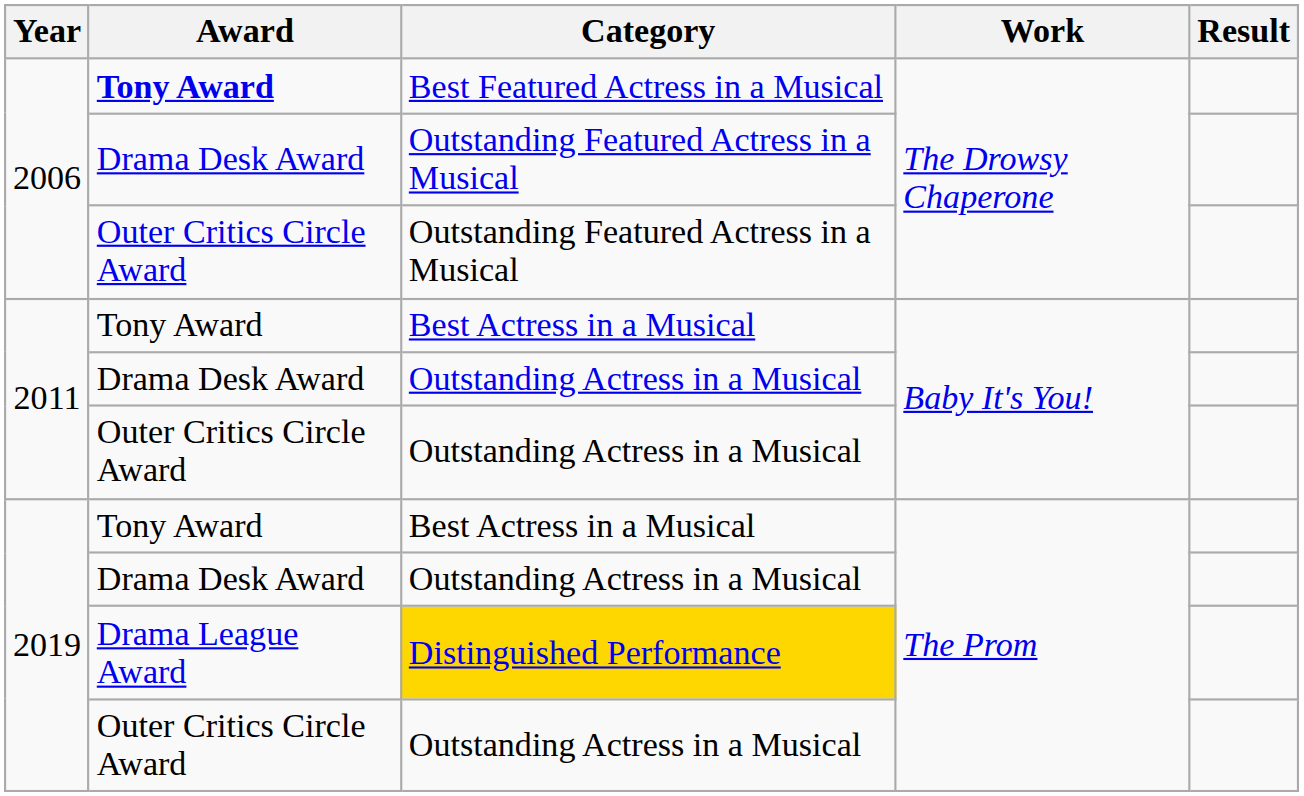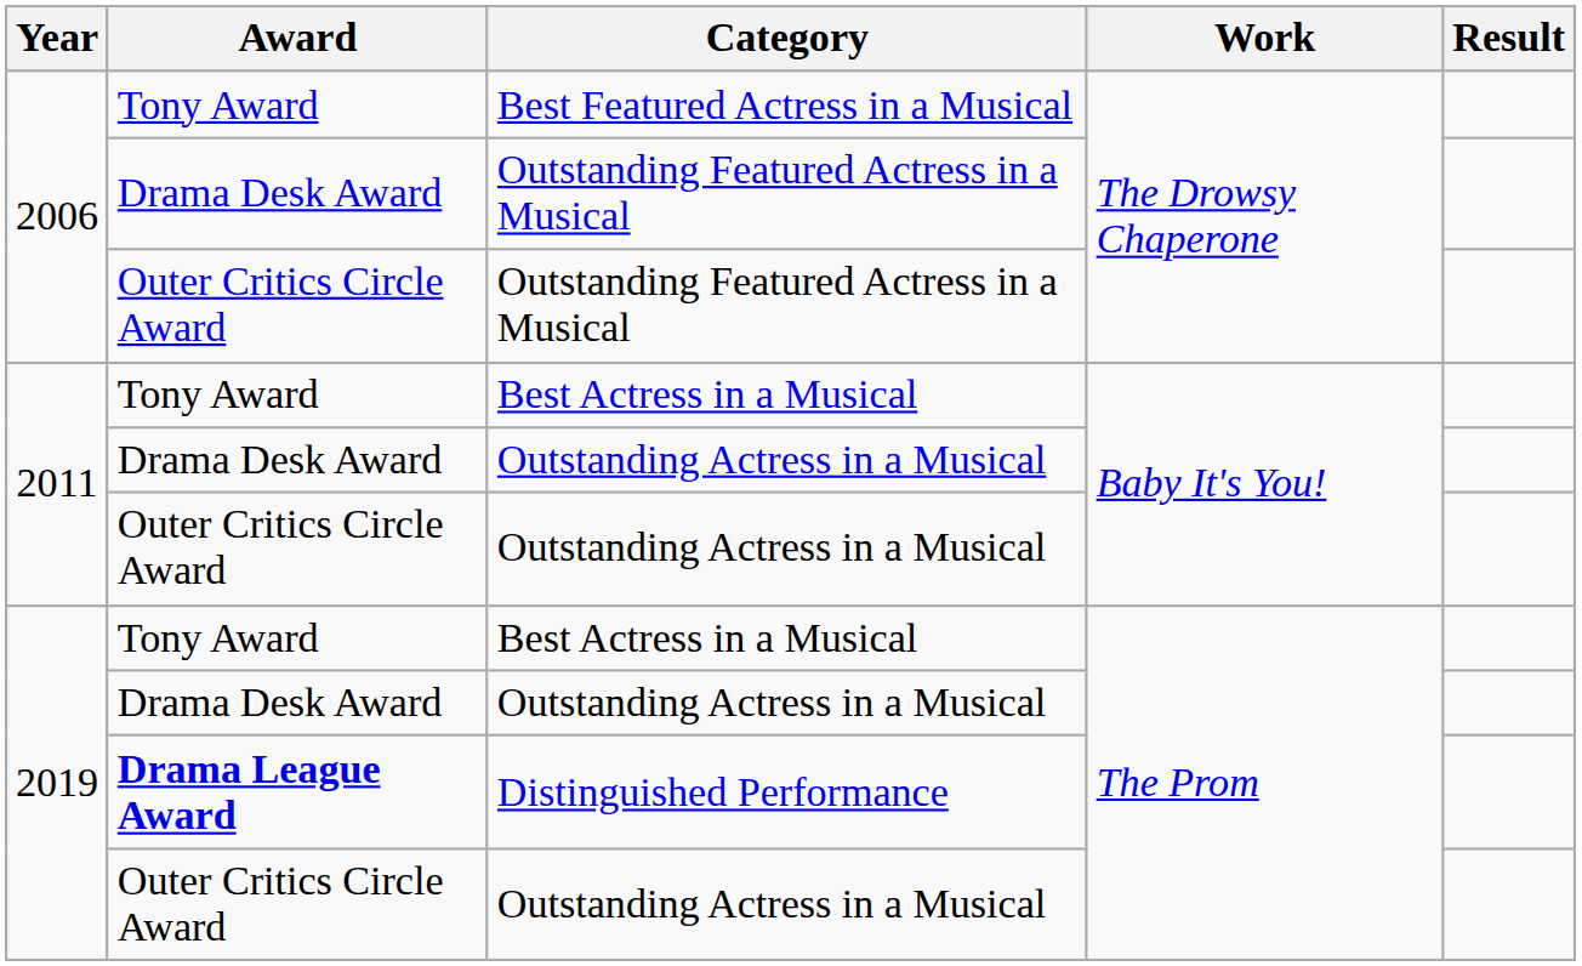 <table class="wikitable sortable">
 <tr>
 <th scope=col>Year</th>
 <th scope=col>Award</th>
 <th scope=col>Category</th>
 <th scope=col>Work</th>
 <th scope=col>Result</th>
 </tr>
 <tr>
 <td rowspan="3" align="center">2006</td>
-<td><strong><a href='#'>Tony Award</a></strong></td>
+<td><a href='#'>Tony Award</a></td>
 <td><a href='#'>Best Featured Actress in a Musical</a></td>
 <td rowspan="3"><em><a href='#'>The Drowsy Chaperone</a></em></td>
 <td></td>
 </tr>
 <tr>
 <td><a href='#'>Drama Desk Award</a></td>
 <td><a href='#'>Outstanding Featured Actress in a Musical</a></td>
 <td></td>
 </tr>
 <tr>
 <td><a href='#'>Outer Critics Circle Award</a></td>
 <td>Outstanding Featured Actress in a Musical</td>
 <td></td>
 </tr>
 <tr>
 <td rowspan="3" align="center">2011</td>
 <td>Tony Award</td>
 <td><a href='#'>Best Actress in a Musical</a></td>
 <td rowspan="3"><em><a href='#'>Baby It's You!</a></em></td>
 <td></td>
 </tr>
 <tr>
 <td>Drama Desk Award</td>
 <td><a href='#'>Outstanding Actress in a Musical</a></td>
 <td></td>
 </tr>
 <tr>
 <td>Outer Critics Circle Award</td>
 <td>Outstanding Actress in a Musical</td>
 <td></td>
 </tr>
 <tr>
 <td rowspan="4" align="center">2019</td>
 <td>Tony Award</td>
 <td>Best Actress in a Musical</td>
 <td rowspan="4"><em><a href='#'>The Prom</a></em></td>
 <td></td>
 </tr>
 <tr>
 <td>Drama Desk Award</td>
 <td>Outstanding Actress in a Musical</td>
 <td></td>
 </tr>
 <tr>
-<td><a href='#'>Drama League Award</a></td>
-<td style="background: gold;"><a href='#'>Distinguished Performance</a></td>
+<td><strong><a href='#'>Drama League Award</a></strong></td>
+<td><a href='#'>Distinguished Performance</a></td>
 <td></td>
 </tr>
 <tr>
 <td>Outer Critics Circle Award</td>
 <td>Outstanding Actress in a Musical</td>
 <td></td>
 </tr>
 </table>
